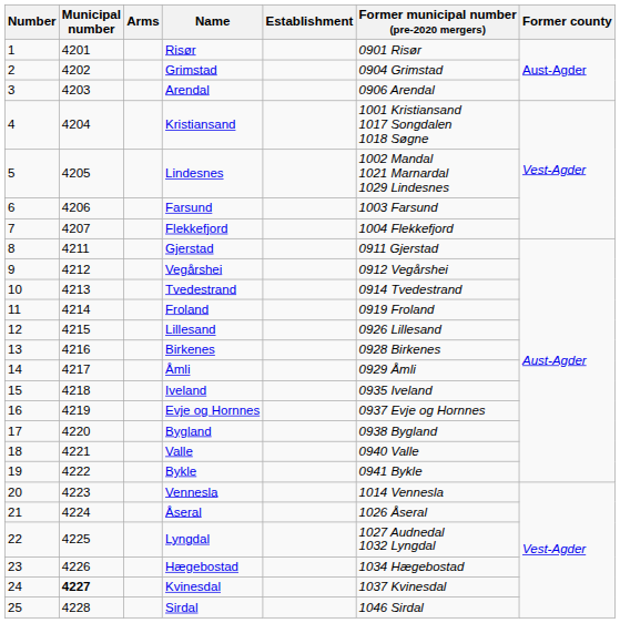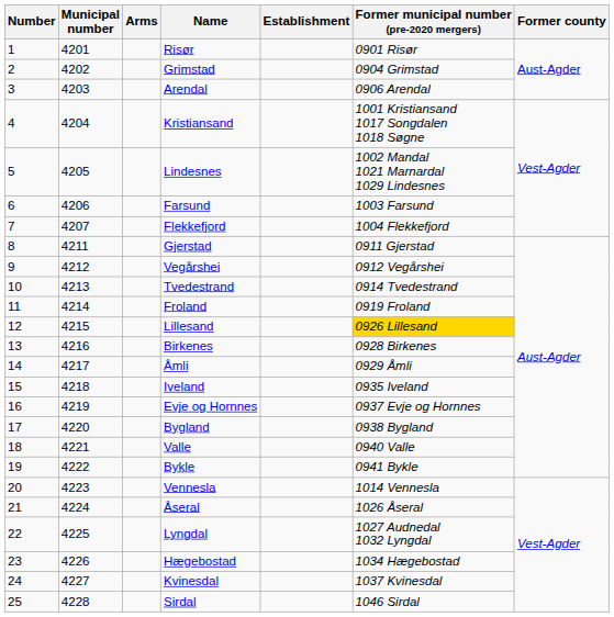 <table class="sortable wikitable">
 <tr>
 <th>Number</th>
 <th>Municipal<br>number</th>
 <th class=unsortable>Arms</th>
 <th>Name</th>
 <th>Establishment</th>
 <th>Former municipal number<br><small>(pre-2020 mergers)</small></th>
 <th>Former county</th>
 </tr>
 <tr>
 <td>1</td>
 <td>4201</td>
 <td></td>
 <td><a href='#'>Risør</a></td>
 <td></td>
 <td><em>0901 Risør</em></td>
 <td rowspan="3"><a href='#'>Aust-Agder</a></td>
 </tr>
 <tr>
 <td>2</td>
 <td>4202</td>
 <td></td>
 <td><a href='#'>Grimstad</a></td>
 <td></td>
 <td><em>0904 Grimstad</em></td>
 </tr>
 <tr>
 <td>3</td>
 <td>4203</td>
 <td></td>
 <td><a href='#'>Arendal</a></td>
 <td></td>
 <td><em>0906 Arendal</em></td>
 </tr>
 <tr>
 <td>4</td>
 <td>4204</td>
 <td></td>
 <td><a href='#'>Kristiansand</a></td>
 <td></td>
 <td><em>1001 Kristiansand<br>1017 Songdalen<br>1018 Søgne</em></td>
 <td rowspan="4"><em><a href='#'>Vest-Agder</a></em></td>
 </tr>
 <tr>
 <td>5</td>
 <td>4205</td>
 <td></td>
 <td><a href='#'>Lindesnes</a></td>
 <td></td>
 <td><em>1002 Mandal<br>1021 Marnardal<br>1029 Lindesnes</em></td>
 </tr>
 <tr>
 <td>6</td>
 <td>4206</td>
 <td></td>
 <td><a href='#'>Farsund</a></td>
 <td></td>
 <td><em>1003 Farsund</em></td>
 </tr>
 <tr>
 <td>7</td>
 <td>4207</td>
 <td></td>
 <td><a href='#'>Flekkefjord</a></td>
 <td></td>
 <td><em>1004 Flekkefjord</em></td>
 </tr>
 <tr --->
 <td>8</td>
 <td>4211</td>
 <td></td>
 <td><a href='#'>Gjerstad</a></td>
 <td></td>
 <td><em>0911 Gjerstad</em></td>
 <td rowspan="12"><em><a href='#'>Aust-Agder</a></em></td>
 </tr>
 <tr>
 <td>9</td>
 <td>4212</td>
 <td></td>
 <td><a href='#'>Vegårshei</a></td>
 <td></td>
 <td><em>0912 Vegårshei</em></td>
 </tr>
 <tr>
 <td>10</td>
 <td>4213</td>
 <td></td>
 <td><a href='#'>Tvedestrand</a></td>
 <td></td>
 <td><em>0914 Tvedestrand</em></td>
 </tr>
 <tr>
 <td>11</td>
 <td>4214</td>
 <td></td>
 <td><a href='#'>Froland</a></td>
 <td></td>
 <td><em>0919 Froland</em></td>
 </tr>
 <tr>
 <td>12</td>
 <td>4215</td>
 <td></td>
 <td><a href='#'>Lillesand</a></td>
 <td></td>
-<td><em>0926 Lillesand</em></td>
+<td style="background: gold;"><em>0926 Lillesand</em></td>
 </tr>
 <tr>
 <td>13</td>
 <td>4216</td>
 <td></td>
 <td><a href='#'>Birkenes</a></td>
 <td></td>
 <td><em>0928 Birkenes</em></td>
 </tr>
 <tr>
 <td>14</td>
 <td>4217</td>
 <td></td>
 <td><a href='#'>Åmli</a></td>
 <td></td>
 <td><em>0929 Åmli</em></td>
 </tr>
 <tr>
 <td>15</td>
 <td>4218</td>
 <td></td>
 <td><a href='#'>Iveland</a></td>
 <td></td>
 <td><em>0935 Iveland</em></td>
 </tr>
 <tr>
 <td>16</td>
 <td>4219</td>
 <td></td>
 <td><a href='#'>Evje og Hornnes</a></td>
 <td></td>
 <td><em>0937 Evje og Hornnes</em></td>
 </tr>
 <tr>
 <td>17</td>
 <td>4220</td>
 <td></td>
 <td><a href='#'>Bygland</a></td>
 <td></td>
 <td><em>0938 Bygland</em></td>
 </tr>
 <tr>
 <td>18</td>
 <td>4221</td>
 <td></td>
 <td><a href='#'>Valle</a></td>
 <td></td>
 <td><em>0940 Valle</em></td>
 </tr>
 <tr>
 <td>19</td>
 <td>4222</td>
 <td></td>
 <td><a href='#'>Bykle</a></td>
 <td></td>
 <td><em>0941 Bykle</em></td>
 </tr>
 <tr>
 <td>20</td>
 <td>4223</td>
 <td></td>
 <td><a href='#'>Vennesla</a></td>
 <td></td>
 <td><em>1014 Vennesla</em></td>
 <td rowspan="6"><em><a href='#'>Vest-Agder</a></em></td>
 </tr>
 <tr>
 <td>21</td>
 <td>4224</td>
 <td></td>
 <td><a href='#'>Åseral</a></td>
 <td></td>
 <td><em>1026 Åseral</em></td>
 </tr>
 <tr>
 <td>22</td>
 <td>4225</td>
 <td></td>
 <td><a href='#'>Lyngdal</a></td>
 <td></td>
 <td><em>1027 Audnedal<br>1032 Lyngdal</em></td>
 </tr>
 <tr>
 <td>23</td>
 <td>4226</td>
 <td></td>
 <td><a href='#'>Hægebostad</a></td>
 <td></td>
 <td><em>1034 Hægebostad</em></td>
 </tr>
 <tr>
 <td>24</td>
-<td><strong>4227</strong></td>
+<td>4227</td>
 <td></td>
 <td><a href='#'>Kvinesdal</a></td>
 <td></td>
 <td><em>1037 Kvinesdal</em></td>
 </tr>
 <tr>
 <td>25</td>
 <td>4228</td>
 <td></td>
 <td><a href='#'>Sirdal</a></td>
 <td></td>
 <td><em>1046 Sirdal</em></td>
 </tr>
 </table>
